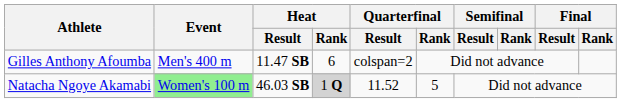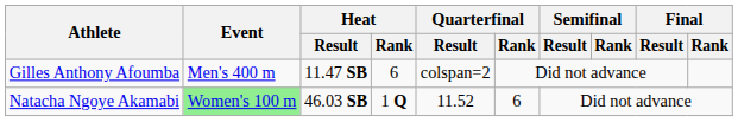 <table class="wikitable" style="font-size:90%">
 <tr>
 <th rowspan="2">Athlete</th>
 <th rowspan="2">Event</th>
 <th colspan="2">Heat</th>
 <th colspan="2">Quarterfinal</th>
 <th colspan="2">Semifinal</th>
 <th colspan="2">Final</th>
 </tr>
 <tr style="font-size:95%">
 <th>Result</th>
 <th>Rank</th>
 <th>Result</th>
 <th>Rank</th>
 <th>Result</th>
 <th>Rank</th>
 <th>Result</th>
 <th>Rank</th>
 </tr>
 <tr align=center>
 <td align=left><a href='#'>Gilles Anthony Afoumba</a></td>
 <td align=left><a href='#'>Men's 400 m</a></td>
 <td>11.47 <strong>SB</strong></td>
 <td>6</td>
 <td>colspan=2 </td>
 <td colspan="4">Did not advance</td>
 </tr>
 <tr align=center>
 <td align=left><a href='#'>Natacha Ngoye Akamabi</a></td>
 <td align=left style="background: lightgreen;"><a href='#'>Women's 100 m</a></td>
 <td>46.03 <strong>SB</strong></td>
-<td style="background: lightgrey;">1 <strong>Q</strong></td>
+<td>1 <strong>Q</strong></td>
 <td>11.52</td>
-<td>5</td>
+<td>6</td>
 <td colspan=4>Did not advance</td>
 </tr>
 </table>
